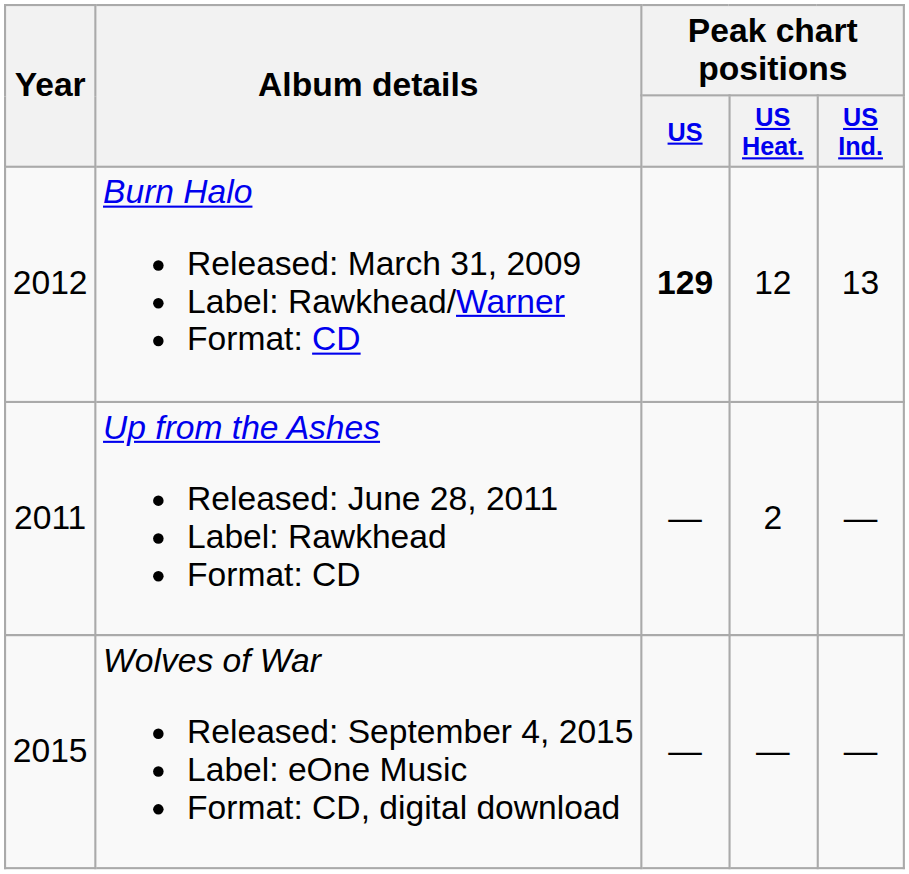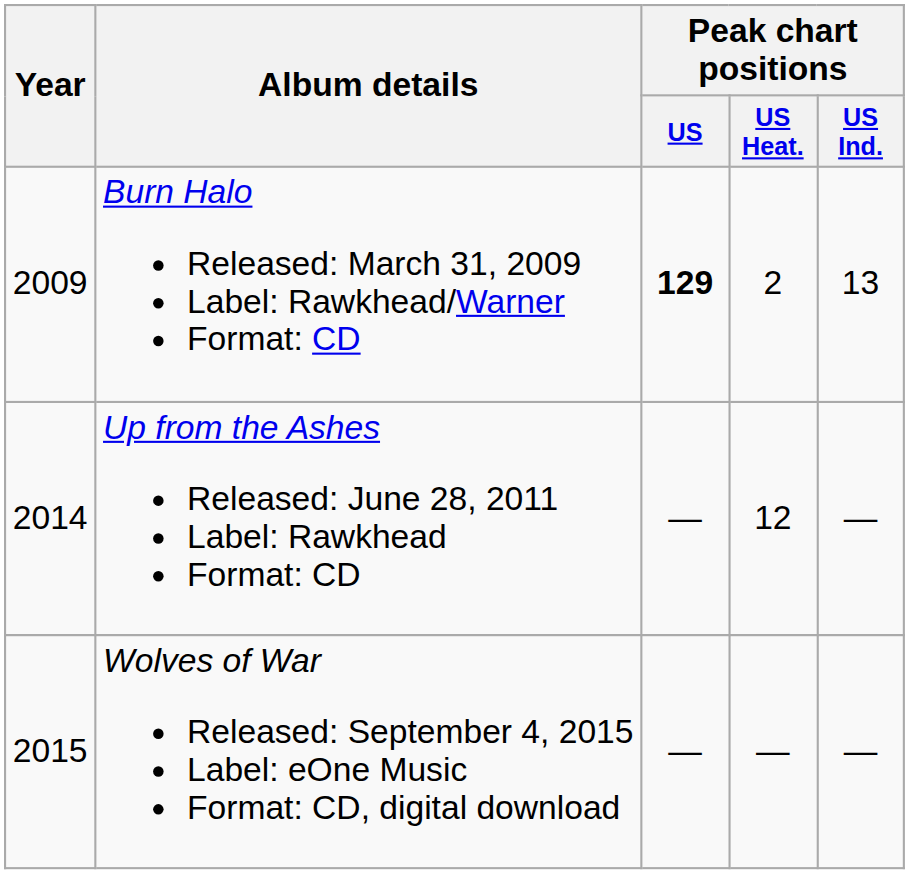 <table class="wikitable">
 <tr>
 <th rowspan="2">Year</th>
 <th rowspan="2">Album details</th>
 <th colspan="3">Peak chart positions</th>
 </tr>
 <tr>
 <th style="width:3em;font-size:75%"><a href='#'>US</a><br></th>
 <th style="width:3em;font-size:75%"><a href='#'>US<br>Heat.</a><br></th>
 <th style="width:3em;font-size:75%"><a href='#'>US<br>Ind.</a><br></th>
 </tr>
 <tr>
-<td align="center">2012</td>
+<td align="center">2009</td>
 <td align="left"><em><a href='#'>Burn Halo</a></em><br><ul><li>Released: March 31, 2009</li><li>Label: Rawkhead/<a href='#'>Warner</a></li><li>Format: <a href='#'>CD</a></li></ul></td>
 <td align="center"><strong>129</strong></td>
-<td align="center">12</td>
+<td align="center">2</td>
 <td align="center">13</td>
 </tr>
 <tr>
-<td align="center">2011</td>
+<td align="center">2014</td>
 <td align="left"><em><a href='#'>Up from the Ashes</a></em><br><ul><li>Released: June 28, 2011</li><li>Label: Rawkhead</li><li>Format: CD</li></ul></td>
 <td align="center">—</td>
-<td align="center">2</td>
+<td align="center">12</td>
 <td align="center">—</td>
 </tr>
 <tr>
 </tr>
 <tr>
 <td align="center">2015</td>
 <td align="left"><em>Wolves of War</em><br><ul><li>Released: September 4, 2015</li><li>Label: eOne Music</li><li>Format: CD, digital download</li></ul></td>
 <td align="center">—</td>
 <td align="center">—</td>
 <td align="center">—</td>
 </tr>
 </table>
